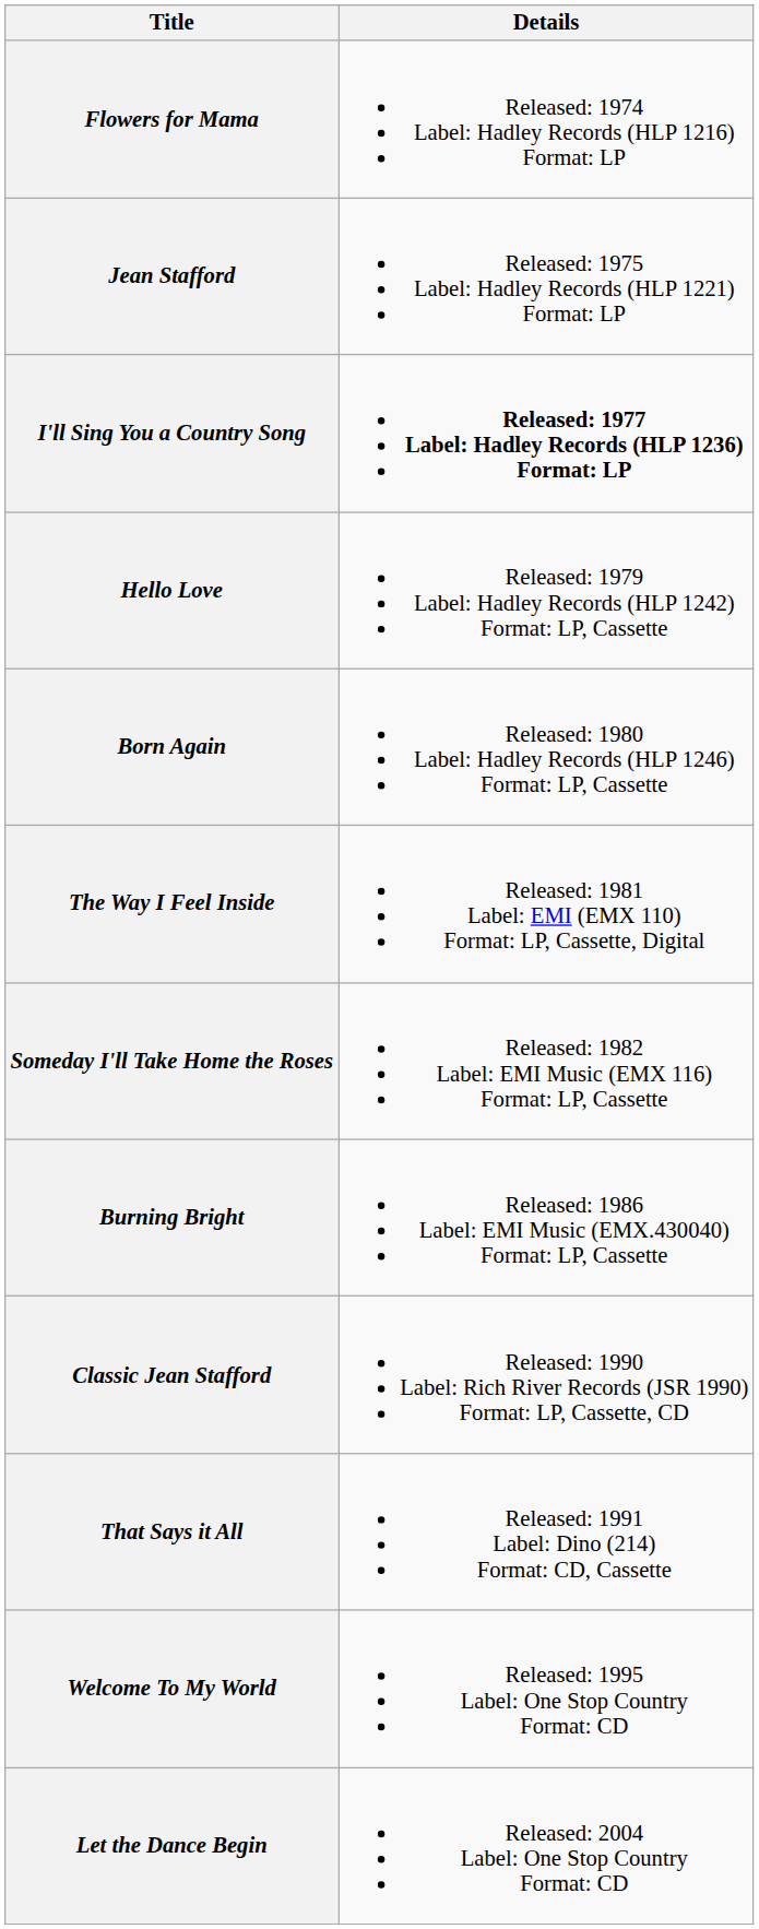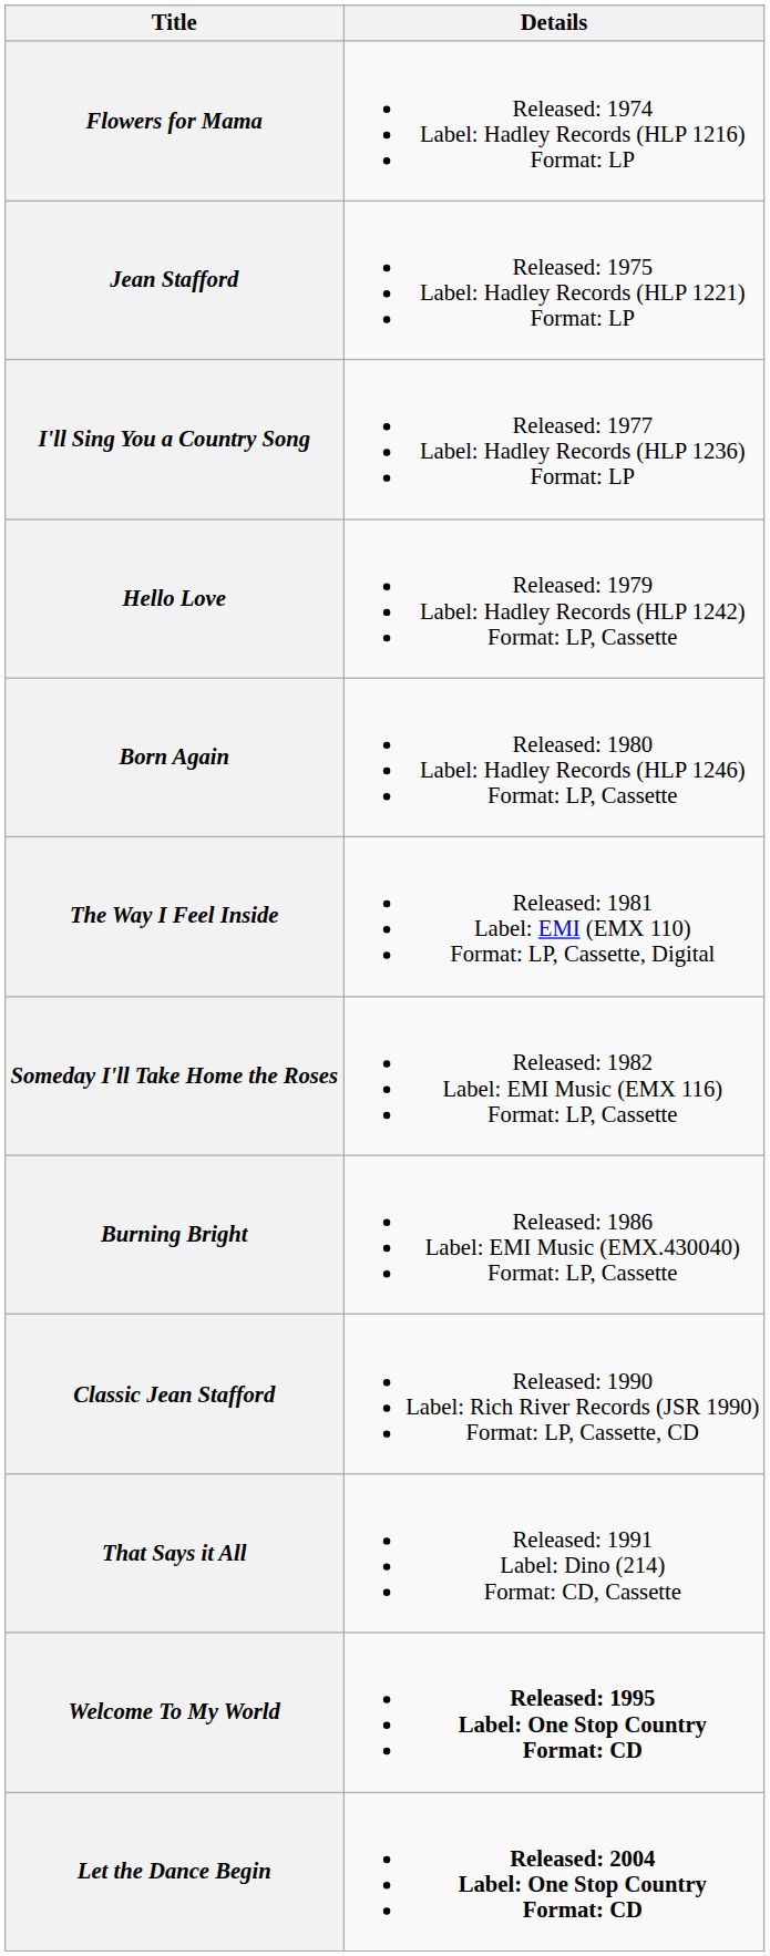 <table class="wikitable plainrowheaders" style="text-align:center;" border="1">
 <tr>
 <th>Title</th>
 <th>Details</th>
 </tr>
 <tr>
 <th scope="row"><em>Flowers for Mama</em></th>
 <td><br><ul><li>Released: 1974</li><li>Label: Hadley Records	(HLP 1216)</li><li>Format: LP</li></ul></td>
 </tr>
 <tr>
 <th scope="row"><em>Jean Stafford</em></th>
 <td><br><ul><li>Released: 1975</li><li>Label: Hadley Records	(HLP 1221)</li><li>Format: LP</li></ul></td>
 </tr>
 <tr>
 <th scope="row"><em>I'll Sing You a Country Song</em></th>
-<td><strong><br><ul><li>Released: 1977</li><li>Label: Hadley Records	(HLP 1236)</li><li>Format: LP</li></ul></strong></td>
+<td><br><ul><li>Released: 1977</li><li>Label: Hadley Records	(HLP 1236)</li><li>Format: LP</li></ul></td>
 </tr>
 <tr>
 <th scope="row"><em>Hello Love</em></th>
 <td><br><ul><li>Released: 1979</li><li>Label: Hadley Records	(HLP 1242)</li><li>Format: LP, Cassette</li></ul></td>
 </tr>
 <tr>
 <th scope="row"><em>Born Again</em></th>
 <td><br><ul><li>Released: 1980</li><li>Label: Hadley Records	(HLP 1246)</li><li>Format: LP, Cassette</li></ul></td>
 </tr>
 <tr>
 <th scope="row"><em>The Way I Feel Inside</em></th>
 <td><br><ul><li>Released: 1981</li><li>Label: <a href='#'>EMI</a> (EMX 110)</li><li>Format: LP, Cassette, Digital</li></ul></td>
 </tr>
 <tr>
 <th scope="row"><em>Someday I'll Take Home the Roses</em></th>
 <td><br><ul><li>Released: 1982</li><li>Label: EMI Music (EMX 116)</li><li>Format: LP, Cassette</li></ul></td>
 </tr>
 <tr>
 <th scope="row"><em>Burning Bright</em></th>
 <td><br><ul><li>Released: 1986</li><li>Label: EMI Music (EMX.430040)</li><li>Format: LP, Cassette</li></ul></td>
 </tr>
 <tr>
 <th scope="row"><em>Classic Jean Stafford</em></th>
 <td><br><ul><li>Released: 1990</li><li>Label: Rich River Records (JSR 1990)</li><li>Format: LP, Cassette, CD</li></ul></td>
 </tr>
 <tr>
 <th scope="row"><em>That Says it All</em></th>
 <td><br><ul><li>Released: 1991</li><li>Label: Dino (214)</li><li>Format: CD, Cassette</li></ul></td>
 </tr>
 <tr>
 <th scope="row"><em>Welcome To My World</em></th>
-<td><br><ul><li>Released: 1995</li><li>Label: One Stop Country</li><li>Format: CD</li></ul></td>
+<td><strong><br><ul><li>Released: 1995</li><li>Label: One Stop Country</li><li>Format: CD</li></ul></strong></td>
 </tr>
 <tr>
 <th scope="row"><em>Let the Dance Begin</em></th>
-<td><br><ul><li>Released: 2004</li><li>Label: One Stop Country</li><li>Format: CD</li></ul></td>
+<td><strong><br><ul><li>Released: 2004</li><li>Label: One Stop Country</li><li>Format: CD</li></ul></strong></td>
 </tr>
 </table>
